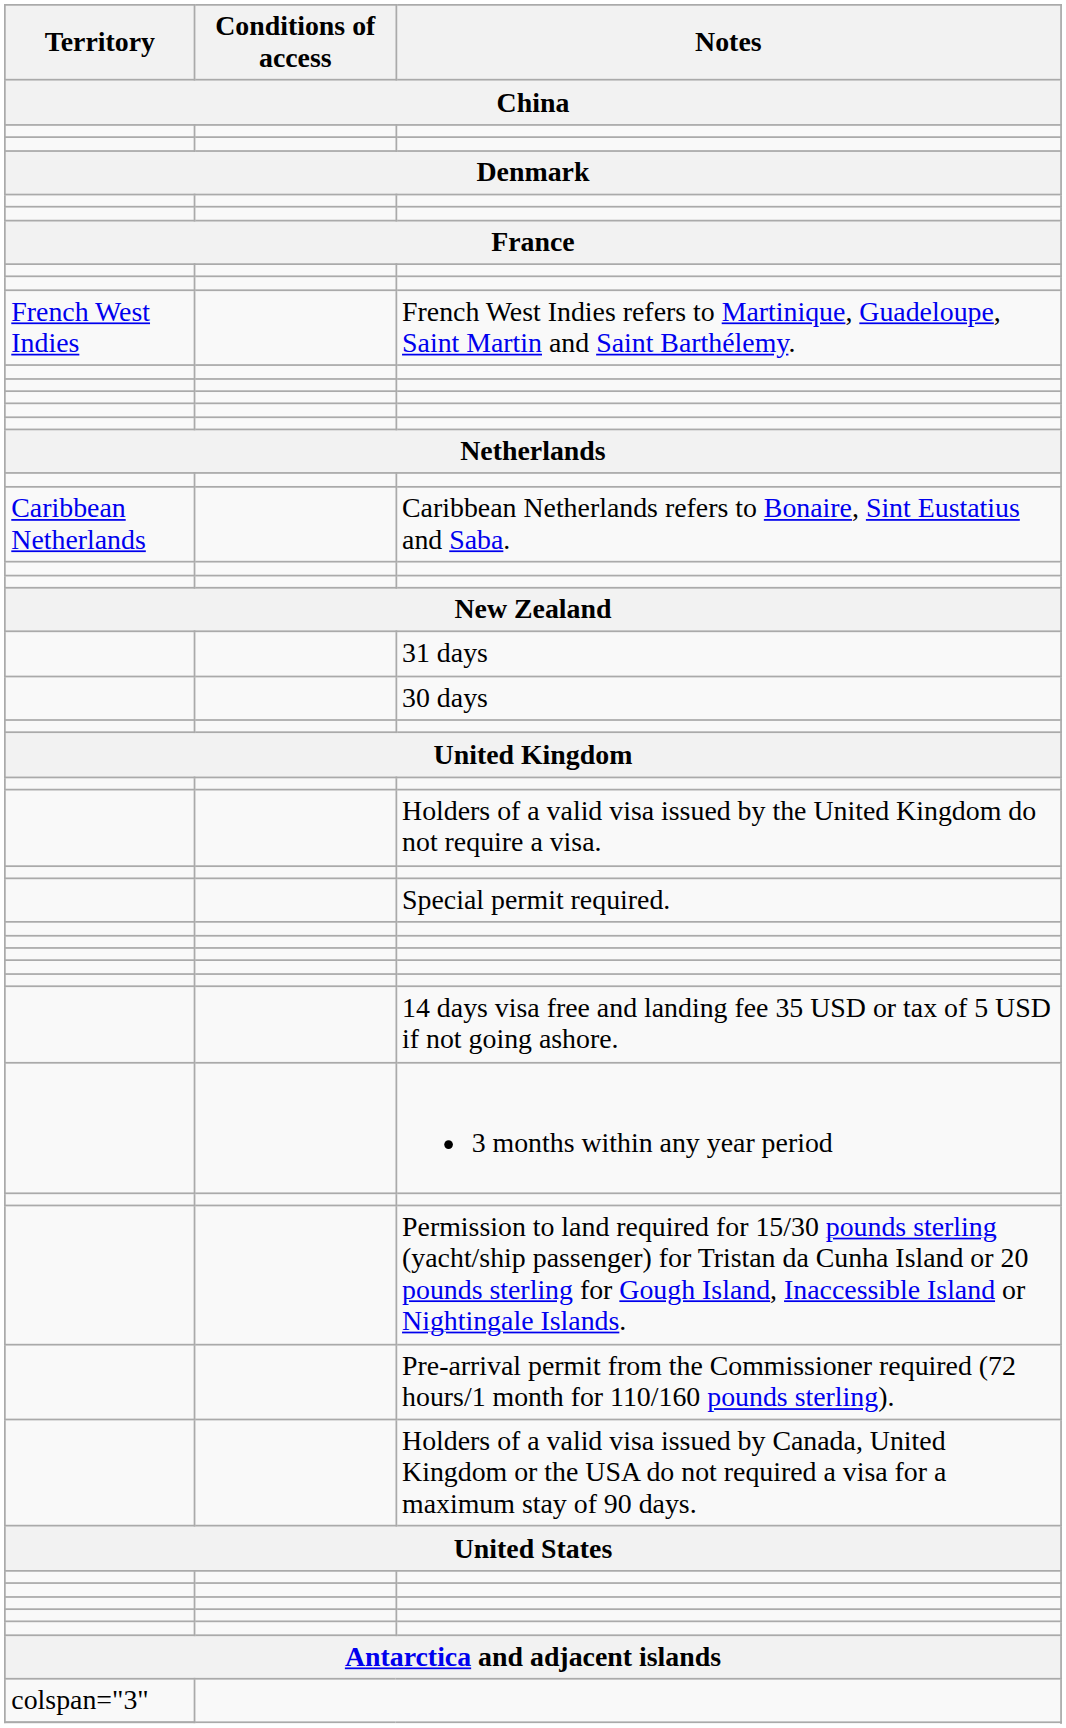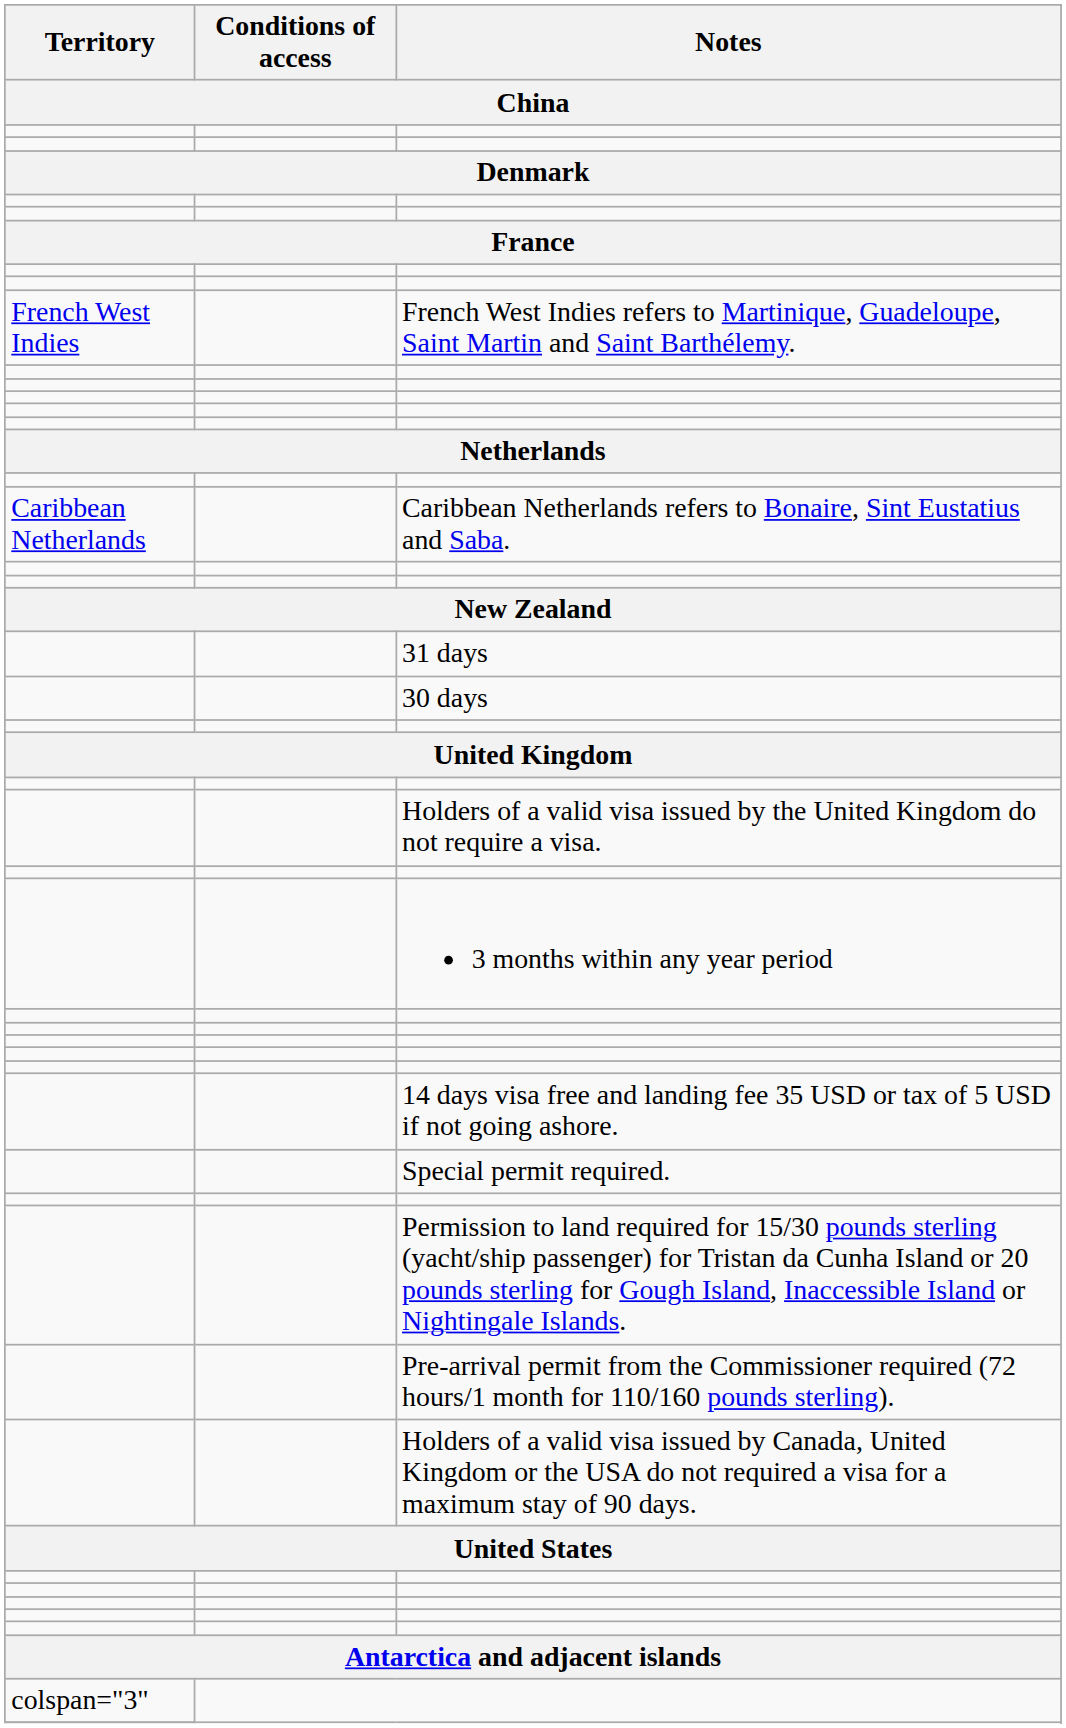 <table class="wikitable" style="text-align: left; table-layout: fixed;">
 <tr>
 <th width="18%">Territory</th>
 <th width="19%">Conditions of access</th>
 <th>Notes</th>
 </tr>
 <tr>
 <th colspan="3">China</th>
 </tr>
 <tr>
 <td></td>
 <td></td>
 <td></td>
 </tr>
 <tr>
 <td></td>
 <td></td>
 <td></td>
 </tr>
 <tr>
 <th colspan="3">Denmark</th>
 </tr>
 <tr>
 <td></td>
 <td></td>
 <td></td>
 </tr>
 <tr>
 <td></td>
 <td></td>
 <td></td>
 </tr>
 <tr>
 <th colspan="3">France</th>
 </tr>
 <tr>
 <td></td>
 <td></td>
 <td></td>
 </tr>
 <tr>
 <td></td>
 <td></td>
 <td></td>
 </tr>
 <tr>
 <td> <a href='#'>French West Indies</a></td>
 <td></td>
 <td>French West Indies refers to <a href='#'>Martinique</a>, <a href='#'>Guadeloupe</a>, <a href='#'>Saint Martin</a> and <a href='#'>Saint Barthélemy</a>.</td>
 </tr>
 <tr>
 <td></td>
 <td></td>
 <td></td>
 </tr>
 <tr>
 <td></td>
 <td></td>
 <td></td>
 </tr>
 <tr>
 <td></td>
 <td></td>
 <td></td>
 </tr>
 <tr>
 <td></td>
 <td></td>
 <td></td>
 </tr>
 <tr>
 <td></td>
 <td></td>
 <td></td>
 </tr>
 <tr>
 <th colspan="3">Netherlands</th>
 </tr>
 <tr>
 <td></td>
 <td></td>
 <td></td>
 </tr>
 <tr>
 <td> <a href='#'>Caribbean Netherlands</a></td>
 <td></td>
 <td>Caribbean Netherlands refers to <a href='#'>Bonaire</a>, <a href='#'>Sint Eustatius</a> and <a href='#'>Saba</a>.</td>
 </tr>
 <tr>
 <td></td>
 <td></td>
 <td></td>
 </tr>
 <tr>
 <td></td>
 <td></td>
 <td></td>
 </tr>
 <tr>
 <th colspan="3">New Zealand</th>
 </tr>
 <tr>
 <td></td>
 <td></td>
 <td>31 days</td>
 </tr>
 <tr>
 <td></td>
 <td></td>
 <td>30 days</td>
 </tr>
 <tr>
 <td></td>
 <td></td>
 <td></td>
 </tr>
 <tr>
 <th colspan="3">United Kingdom</th>
 </tr>
 <tr>
 <td></td>
 <td></td>
 <td></td>
 </tr>
 <tr>
 <td></td>
 <td></td>
 <td>Holders of a valid visa issued by the United Kingdom do not require a visa.</td>
 </tr>
 <tr>
 <td></td>
 <td></td>
 <td></td>
 </tr>
 <tr>
 <td></td>
 <td></td>
-<td>Special permit required.</td>
+<td><br><ul><li>3 months within any year period</li></ul></td>
 </tr>
 <tr>
 <td></td>
 <td></td>
 <td></td>
 </tr>
 <tr>
 <td></td>
 <td></td>
 <td></td>
 </tr>
 <tr>
 <td></td>
 <td></td>
 <td></td>
 </tr>
 <tr>
 <td></td>
 <td></td>
 <td></td>
 </tr>
 <tr>
 <td></td>
 <td></td>
 <td></td>
 </tr>
 <tr>
 <td></td>
 <td></td>
 <td>14 days visa free and landing fee 35 USD or tax of 5 USD if not going ashore.</td>
 </tr>
 <tr>
 <td></td>
 <td></td>
-<td><br><ul><li>3 months within any year period</li></ul></td>
+<td>Special permit required.</td>
 </tr>
 <tr>
 <td></td>
 <td></td>
 <td></td>
 </tr>
 <tr>
 <td></td>
 <td></td>
 <td>Permission to land required for 15/30 <a href='#'>pounds sterling</a> (yacht/ship passenger) for Tristan da Cunha Island or 20 <a href='#'>pounds sterling</a> for <a href='#'>Gough Island</a>, <a href='#'>Inaccessible Island</a> or <a href='#'>Nightingale Islands</a>.</td>
 </tr>
 <tr>
 <td></td>
 <td></td>
 <td>Pre-arrival permit from the Commissioner required (72 hours/1 month for 110/160 <a href='#'>pounds sterling</a>).</td>
 </tr>
 <tr>
 <td></td>
 <td></td>
 <td>Holders of a valid visa issued by Canada, United Kingdom or the USA do not required a visa for a maximum stay of 90 days.</td>
 </tr>
 <tr>
 <th colspan="3">United States</th>
 </tr>
 <tr>
 <td></td>
 <td></td>
 <td></td>
 </tr>
 <tr>
 <td></td>
 <td></td>
 <td></td>
 </tr>
 <tr>
 <td></td>
 <td></td>
 <td></td>
 </tr>
 <tr>
 <td></td>
 <td></td>
 <td></td>
 </tr>
 <tr>
 <td></td>
 <td></td>
 <td></td>
 </tr>
 <tr>
 <th colspan="3"><a href='#'>Antarctica</a> and adjacent islands</th>
 </tr>
 <tr>
 <td>colspan="3" </td>
 </tr>
 <tr>
 </tr>
 </table>
